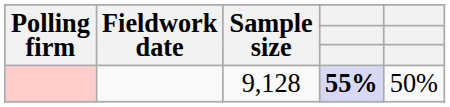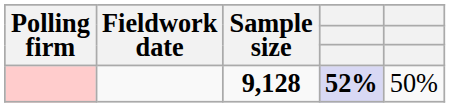 <table class="wikitable sortable" style="text-align:center;font-size:95%;line-height:14px;">
 <tr>
 <th rowspan="3">Polling<br>firm</th>
 <th rowspan="3">Fieldwork<br>date</th>
 <th rowspan="3">Sample<br>size</th>
 <th></th>
 <th></th>
 </tr>
 <tr>
 <th></th>
 <th></th>
 </tr>
 <tr>
 <th style="background:"></th>
 <th style="background:"></th>
 </tr>
 <tr>
 <td style="background:#FFCCCC;"></td>
 <td></td>
-<td>9,128</td>
-<td style="background:#D8D8F4;"><strong>55%</strong></td>
+<td><strong>9,128</strong></td>
+<td style="background:#D8D8F4;"><strong>52%</strong></td>
 <td>50%</td>
 </tr>
 </table>
